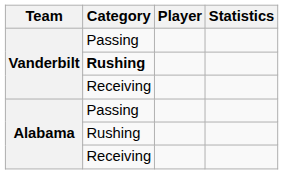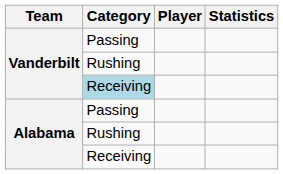 <table class="wikitable" style="float:right">
 <tr>
 <th>Team</th>
 <th>Category</th>
 <th>Player</th>
 <th>Statistics</th>
 </tr>
 <tr>
 <th rowspan=3>Vanderbilt</th>
 <td>Passing</td>
 <td></td>
 <td></td>
 </tr>
 <tr>
-<td><strong>Rushing</strong></td>
+<td>Rushing</td>
 <td></td>
 <td></td>
 </tr>
 <tr>
-<td>Receiving</td>
+<td style="background: lightblue;">Receiving</td>
 <td></td>
 <td></td>
 </tr>
 <tr>
 <th rowspan=3>Alabama</th>
 <td>Passing</td>
 <td></td>
 <td></td>
 </tr>
 <tr>
 <td>Rushing</td>
 <td></td>
 <td></td>
 </tr>
 <tr>
 <td>Receiving</td>
 <td></td>
 <td></td>
 </tr>
 </table>
